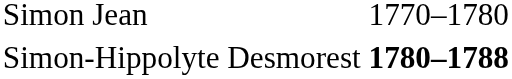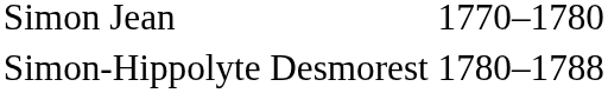 <table>
 <tr>
 <td>Simon Jean</td>
 <td>1770–1780</td>
 </tr>
 <tr>
 <td>Simon-Hippolyte Desmorest</td>
-<td><strong>1780–1788</strong></td>
+<td>1780–1788</td>
 </tr>
 </table>
